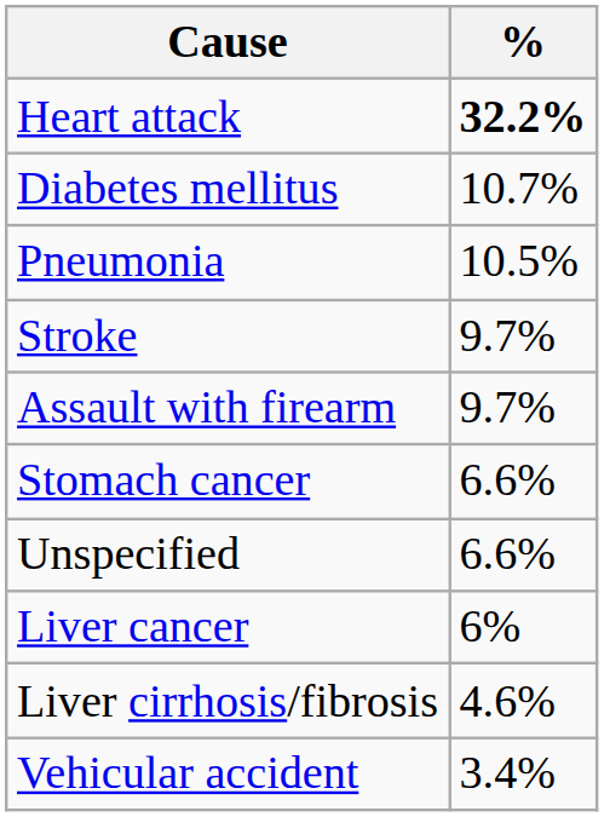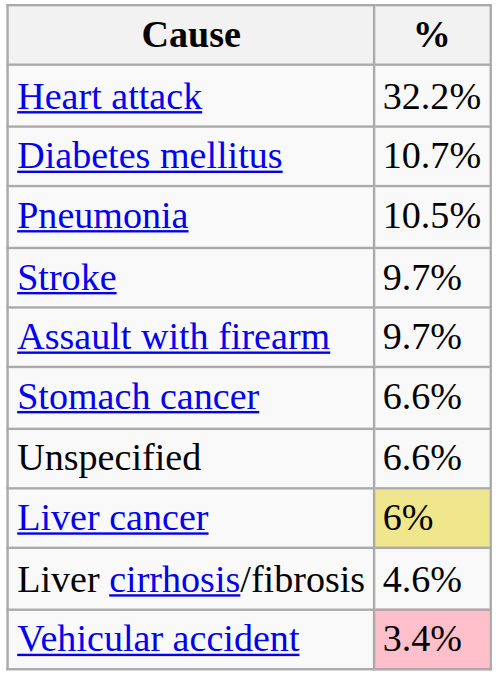 <table class="wikitable" style="margin: 1em auto 1em auto">
 <tr>
 <th><strong>Cause</strong></th>
 <th><strong>%</strong></th>
 </tr>
 <tr>
 <td><a href='#'>Heart attack</a></td>
-<td><strong>32.2%</strong></td>
+<td>32.2%</td>
 </tr>
 <tr>
 <td><a href='#'>Diabetes mellitus</a></td>
 <td>10.7%</td>
 </tr>
 <tr>
 <td><a href='#'>Pneumonia</a></td>
 <td>10.5%</td>
 </tr>
 <tr>
 <td><a href='#'>Stroke</a></td>
 <td>9.7%</td>
 </tr>
 <tr>
 <td><a href='#'>Assault with firearm</a></td>
 <td>9.7%</td>
 </tr>
 <tr>
 <td><a href='#'>Stomach cancer</a></td>
 <td>6.6%</td>
 </tr>
 <tr>
 <td>Unspecified</td>
 <td>6.6%</td>
 </tr>
 <tr>
 <td><a href='#'>Liver cancer</a></td>
-<td>6%</td>
+<td style="background: khaki;">6%</td>
 </tr>
 <tr>
 <td>Liver <a href='#'>cirrhosis</a>/fibrosis</td>
 <td>4.6%</td>
 </tr>
 <tr>
 <td><a href='#'>Vehicular accident</a></td>
-<td>3.4%</td>
+<td style="background: pink;">3.4%</td>
 </tr>
 </table>
